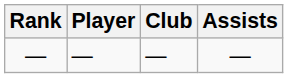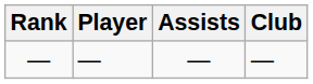 <table class="wikitable" style="text-align:center">
 <tr>
 <th>Rank</th>
 <th>Player</th>
+<th>Assists</th>
 <th>Club</th>
-<th>Assists</th>
 </tr>
 <tr>
 <td rowspan="1">—</td>
 <td align="left">—</td>
+<td rowspan="1">—</td>
 <td align="left">—</td>
-<td rowspan="1">—</td>
 </tr>
 </table>
